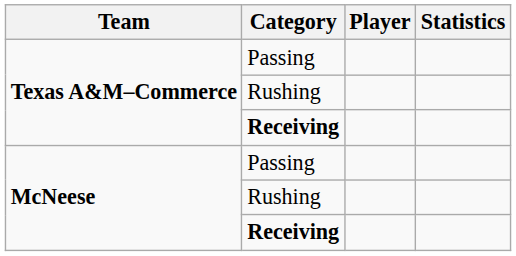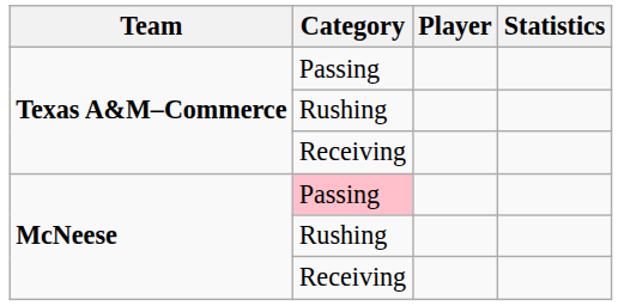 <table class="wikitable" style="float: right;">
 <tr>
 <th>Team</th>
 <th>Category</th>
 <th>Player</th>
 <th>Statistics</th>
 </tr>
 <tr>
 <td rowspan=3><strong>Texas A&M–Commerce</strong></td>
 <td>Passing</td>
 <td></td>
 <td></td>
 </tr>
 <tr>
 <td>Rushing</td>
 <td></td>
 <td></td>
 </tr>
 <tr>
-<td><strong>Receiving</strong></td>
+<td>Receiving</td>
 <td></td>
 <td></td>
 </tr>
 <tr>
 <td rowspan=3><strong>McNeese</strong></td>
-<td>Passing</td>
+<td style="background: pink;">Passing</td>
 <td></td>
 <td></td>
 </tr>
 <tr>
 <td>Rushing</td>
 <td></td>
 <td></td>
 </tr>
 <tr>
-<td><strong>Receiving</strong></td>
+<td>Receiving</td>
 <td></td>
 <td></td>
 </tr>
 </table>
